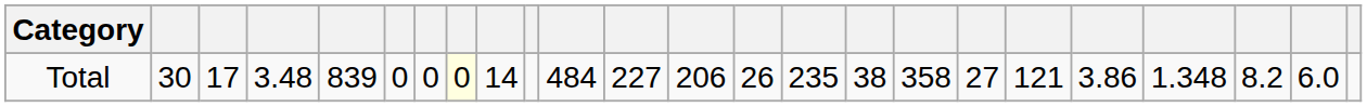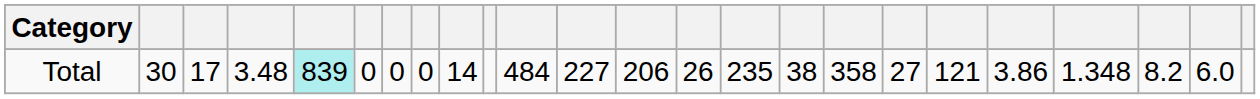 <table class="wikitable"  style="font-size: 95%; text-align:center;">
 <tr>
 <th>Category</th>
 <th></th>
 <th></th>
 <th></th>
 <th></th>
 <th></th>
 <th></th>
 <th></th>
 <th></th>
 <th></th>
 <th></th>
 <th></th>
 <th></th>
 <th></th>
 <th></th>
 <th></th>
 <th></th>
 <th></th>
 <th></th>
 <th></th>
 <th></th>
 <th></th>
 <th></th>
 <th></th>
 </tr>
 <tr>
 <td>Total</td>
 <td>30</td>
 <td>17</td>
 <td>3.48</td>
-<td>839</td>
+<td style="background: paleturquoise;">839</td>
 <td>0</td>
 <td>0</td>
-<td style="background: lightyellow;">0</td>
+<td>0</td>
 <td>14</td>
 <td></td>
 <td>484</td>
 <td>227</td>
 <td>206</td>
 <td>26</td>
 <td>235</td>
 <td>38</td>
 <td>358</td>
 <td>27</td>
 <td>121</td>
 <td>3.86</td>
 <td>1.348</td>
 <td>8.2</td>
 <td>6.0</td>
 <td></td>
 </tr>
 </table>
